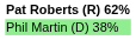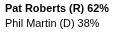 <table>
 <tr>
 <td><strong>Pat Roberts (R) 62%</strong></td>
 </tr>
 <tr>
-<td style="background: lightgreen;">Phil Martin (D) 38%</td>
+<td>Phil Martin (D) 38%</td>
 </tr>
 </table>
